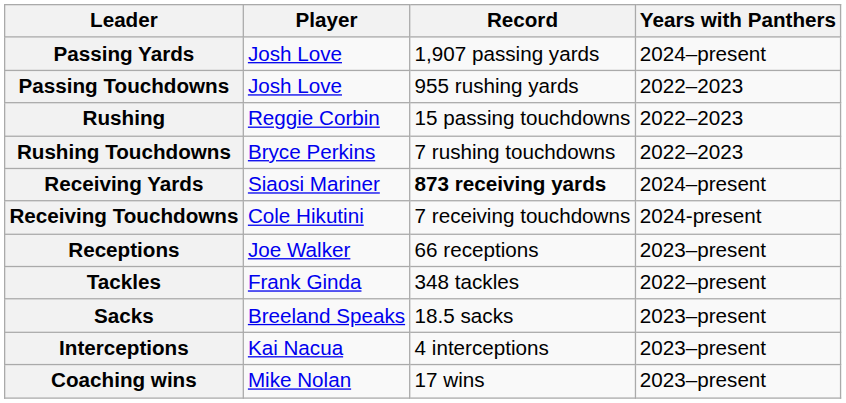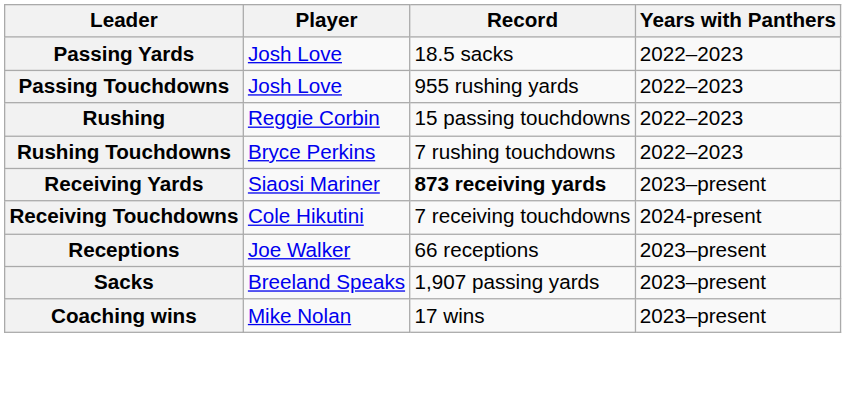 <table class="wikitable plainrowheaders">
 <tr>
 <th scope="col">Leader</th>
 <th scope="col">Player</th>
 <th scope="col">Record</th>
 <th scope="col">Years with Panthers</th>
 </tr>
 <tr>
 <th scope="row">Passing Yards</th>
 <td><a href='#'>Josh Love</a></td>
-<td>1,907 passing yards</td>
-<td>2024–present</td>
+<td>18.5 sacks</td>
+<td>2022–2023</td>
 </tr>
 <tr>
 <th scope="row">Passing Touchdowns</th>
 <td><a href='#'>Josh Love</a></td>
 <td>955 rushing yards</td>
 <td>2022–2023</td>
 </tr>
 <tr>
 <th scope="row">Rushing</th>
 <td><a href='#'>Reggie Corbin</a></td>
 <td>15 passing touchdowns</td>
 <td>2022–2023</td>
 </tr>
 <tr>
 <th scope="row">Rushing Touchdowns</th>
 <td><a href='#'>Bryce Perkins</a></td>
 <td>7 rushing touchdowns</td>
 <td>2022–2023</td>
 </tr>
 <tr>
 <th scope="row">Receiving Yards</th>
 <td><a href='#'>Siaosi Mariner</a></td>
 <td><strong>873 receiving yards</strong></td>
-<td>2024–present</td>
+<td>2023–present</td>
 </tr>
 <tr>
 <th scope="row">Receiving Touchdowns</th>
 <td><a href='#'>Cole Hikutini</a></td>
 <td>7 receiving touchdowns</td>
 <td>2024-present</td>
 </tr>
 <tr>
 <th scope="row">Receptions</th>
 <td><a href='#'>Joe Walker</a></td>
 <td>66 receptions</td>
 <td>2023–present</td>
 </tr>
 <tr>
-<th scope="row">Tackles</th>
-<td><a href='#'>Frank Ginda</a></td>
-<td>348 tackles</td>
-<td>2022–present</td>
-</tr>
-<tr>
 <th scope="row">Sacks</th>
 <td><a href='#'>Breeland Speaks</a></td>
-<td>18.5 sacks</td>
-<td>2023–present</td>
-</tr>
-<tr>
-<th scope="row">Interceptions</th>
-<td><a href='#'>Kai Nacua</a></td>
-<td>4 interceptions</td>
+<td>1,907 passing yards</td>
 <td>2023–present</td>
 </tr>
 <tr>
 <th scope="row">Coaching wins</th>
 <td><a href='#'>Mike Nolan</a></td>
 <td>17 wins</td>
 <td>2023–present</td>
 </tr>
 </table>
